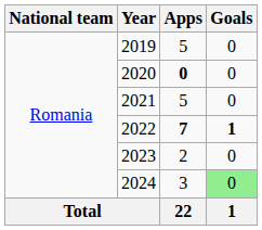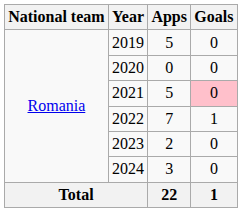 <table class="wikitable" style="text-align:center">
 <tr>
 <th>National team</th>
 <th>Year</th>
 <th>Apps</th>
 <th>Goals</th>
 </tr>
 <tr>
 <td rowspan="7"><a href='#'>Romania</a></td>
 </tr>
 <tr>
 <td>2019</td>
 <td>5</td>
 <td>0</td>
 </tr>
 <tr>
 <td>2020</td>
-<td><strong>0</strong></td>
+<td>0</td>
 <td>0</td>
 </tr>
 <tr>
 <td>2021</td>
 <td>5</td>
-<td>0</td>
+<td style="background: pink;">0</td>
 </tr>
 <tr>
 <td>2022</td>
-<td><strong>7</strong></td>
-<td><strong>1</strong></td>
+<td>7</td>
+<td>1</td>
 </tr>
 <tr>
 <td>2023</td>
 <td>2</td>
 <td>0</td>
 </tr>
 <tr>
 <td>2024</td>
 <td>3</td>
-<td style="background: lightgreen;">0</td>
+<td>0</td>
 </tr>
 <tr>
 <th colspan=2>Total</th>
 <th>22</th>
 <th>1</th>
 </tr>
 </table>
